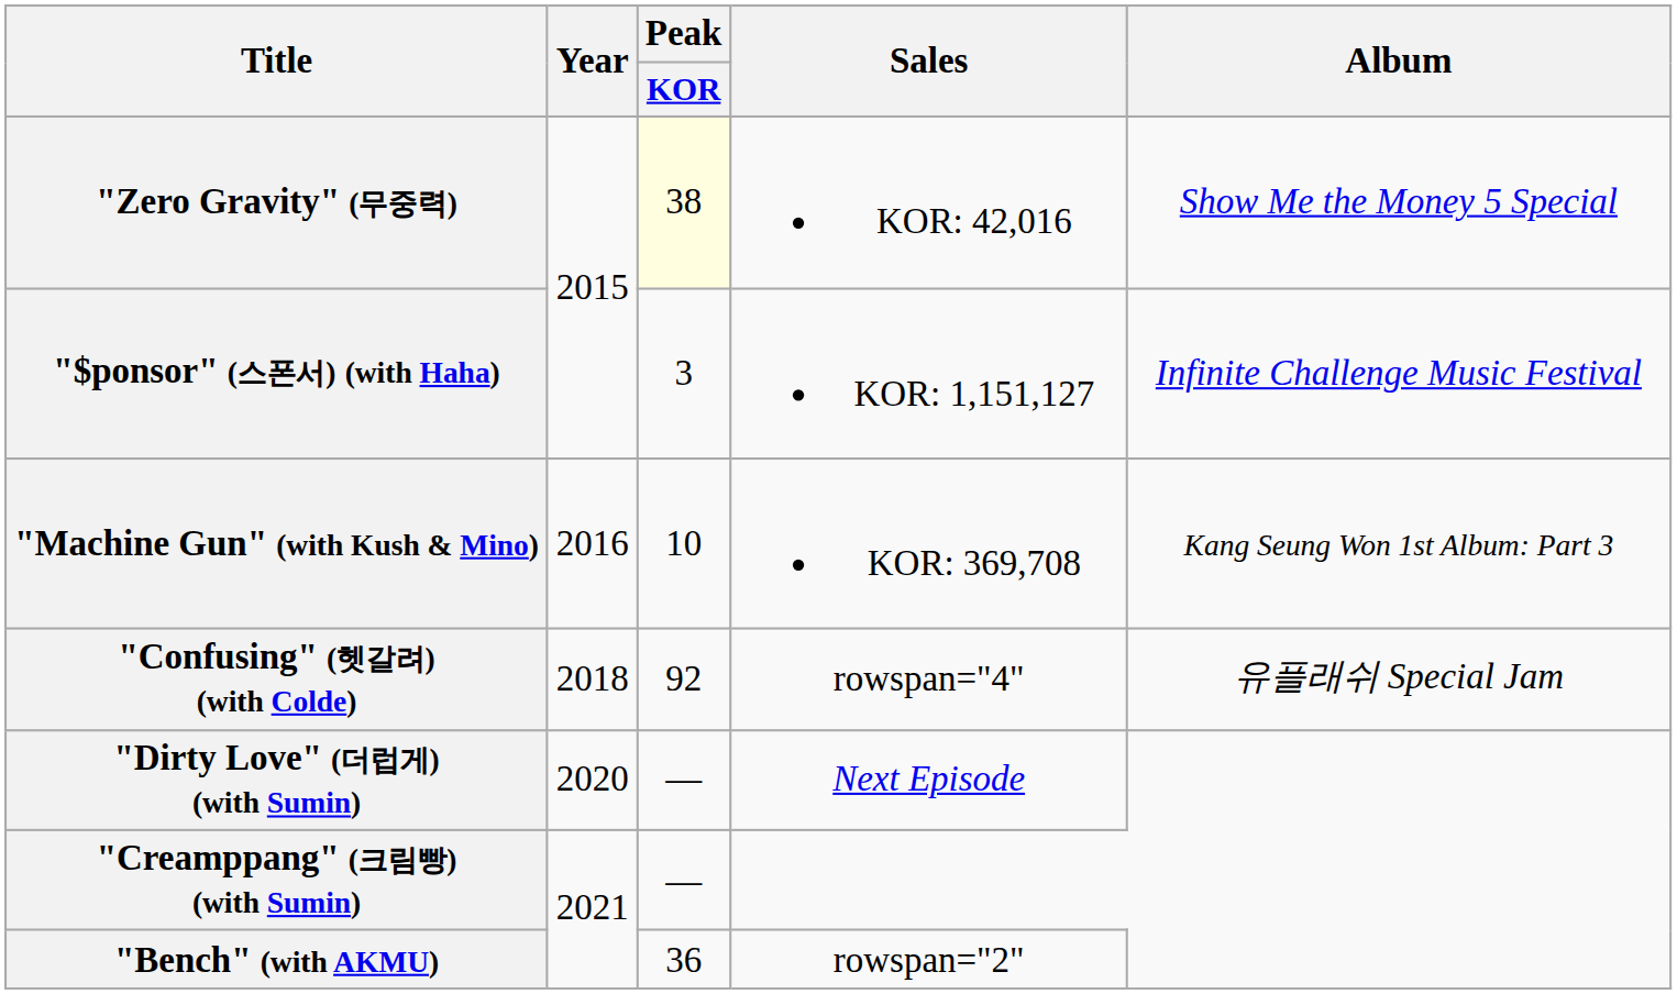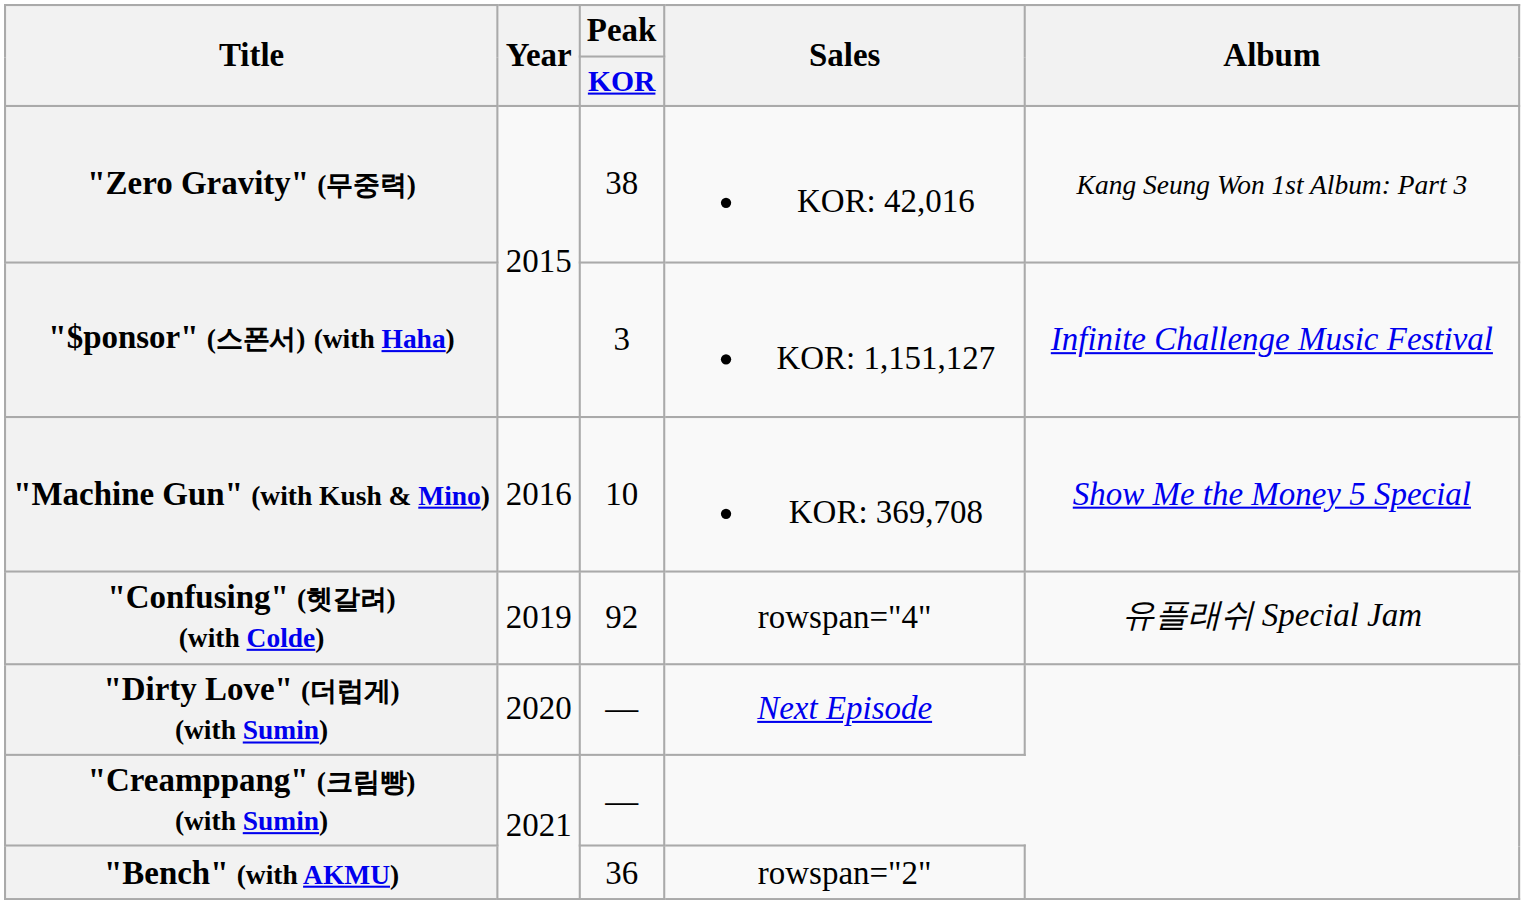 <table class="wikitable plainrowheaders" style="text-align:center;">
 <tr>
 <th rowspan=2 style="width:14.5em;">Title</th>
 <th rowspan=2 style="width:2em;">Year</th>
 <th scope="col" colspan="1">Peak</th>
 <th rowspan=2 style="width:10.5em;">Sales</th>
 <th rowspan=2 style="width:14.5em;">Album</th>
 </tr>
 <tr>
 <th style="width:2em;font-size:90%"><a href='#'>KOR</a><br></th>
 </tr>
 <tr>
 <th scope="row" align="left">"Zero Gravity" <small>(무중력)</small></th>
 <td rowspan="2">2015</td>
-<td style="background: lightyellow;">38</td>
+<td>38</td>
 <td><br><ul><li>KOR: 42,016</li></ul></td>
-<td><em><a href='#'>Show Me the Money 5 Special</a></em></td>
+<td><small><em>Kang Seung Won 1st Album: Part 3</em></small></td>
 </tr>
 <tr>
 <th scope="row" align="left">"$ponsor" <small>(스폰서)</small> <small>(with <a href='#'>Haha</a>)</small></th>
 <td>3</td>
 <td><br><ul><li>KOR: 1,151,127</li></ul></td>
 <td><em><a href='#'>Infinite Challenge Music Festival</a></em></td>
 </tr>
 <tr>
 <th scope="row" align="left">"Machine Gun" <small> (with Kush & <a href='#'>Mino</a>)</small></th>
 <td>2016</td>
 <td>10</td>
 <td><br><ul><li>KOR: 369,708</li></ul></td>
-<td><small><em>Kang Seung Won 1st Album: Part 3</em></small></td>
+<td><em><a href='#'>Show Me the Money 5 Special</a></em></td>
 </tr>
 <tr>
 <th scope="row" align="left">"Confusing" <small>(헷갈려)</small><br><small>(with <a href='#'>Colde</a>)</small></th>
-<td>2018</td>
+<td>2019</td>
 <td>92</td>
 <td>rowspan="4" </td>
 <td><em>유플래쉬 Special Jam</em></td>
 </tr>
 <tr>
 <th scope="row" align="left">"Dirty Love" <small>(더럽게)</small><br><small>(with <a href='#'>Sumin</a>)</small></th>
 <td>2020</td>
 <td>—</td>
 <td><em><a href='#'>Next Episode</a></em></td>
 </tr>
 <tr>
 <th scope="row" align="left">"Creamppang" <small>(크림빵)</small><br><small>(with <a href='#'>Sumin</a>)</small></th>
 <td rowspan="2">2021</td>
 <td>—</td>
 </tr>
 <tr>
 <th scope="row" align="left">"Bench" <small> (with <a href='#'>AKMU</a>)</small></th>
 <td>36</td>
 <td>rowspan="2" </td>
 </tr>
 </table>
